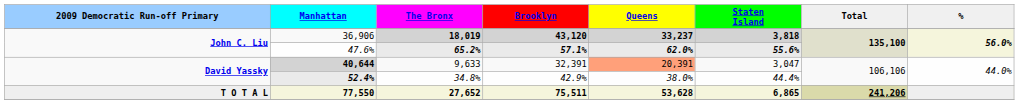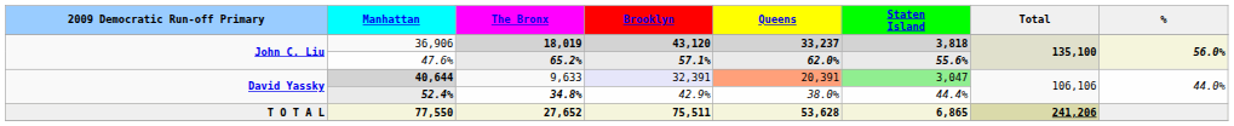 <table class="wikitable" style="text-align:right;" width="76%">
 <tr>
 <td align="center" width="20%" style="background:#99ccff;"><strong>2009 Democratic Run-off Primary</strong></td>
 <td align="center" width="8%" style="background:aqua;"><strong><a href='#'>Manhattan</a></strong></td>
 <td align="center" width="8%" style="background:magenta"><strong><a href='#'>The Bronx</a></strong></td>
 <td align="center" width="8%" style="background:red"><strong><a href='#'>Brooklyn</a></strong></td>
 <td align="center" width="8%" style="background:yellow"><strong><a href='#'>Queens</a></strong></td>
 <td align="center" width="8%" style="background:lime"><strong><a href='#'>Staten<br> Island</a></strong></td>
 <td align="center" width="8%" style="background:#f0f0f0;"><strong>Total</strong></td>
 <td align="center" width="8%" style="background:#f0f0f0;"><strong>%</strong></td>
 </tr>
 <tr>
 </tr>
 <tr>
 <td rowspan="2"><strong><a href='#'>John C. Liu</a></strong></td>
 <td>36,906</td>
 <td bgcolor="lightgray"><strong>18,019</strong></td>
 <td bgcolor="lightgray"><strong>43,120</strong></td>
 <td bgcolor="lightgray"><strong>33,237</strong></td>
 <td bgcolor="lightgray"><strong>3,818</strong></td>
 <td rowspan="2" bgcolor=e0e0cc><strong>135,100</strong></td>
 <td rowspan="2" bgcolor=beige><strong><em>56.0%</em></strong></td>
 </tr>
 <tr bgcolor=eaeaea>
 <td bgcolor=fefefe><em>47.6%</em></td>
 <td><strong><em>65.2%</em></strong></td>
 <td><strong><em>57.1%</em></strong></td>
 <td><strong><em>62.0%</em></strong></td>
 <td><strong><em>55.6%</em></strong></td>
 </tr>
 <tr>
 <td rowspan="2"><strong><a href='#'>David Yassky</a></strong></td>
 <td bgcolor="lightgray"><strong>40,644</strong></td>
 <td>9,633</td>
-<td>32,391</td>
+<td style="background: lavender;">32,391</td>
 <td style="background: lightsalmon;">20,391</td>
-<td>3,047</td>
+<td style="background: lightgreen;">3,047</td>
 <td rowspan="2">106,106</td>
 <td rowspan="2" bgcolor=fefefe><em>44.0%</em></td>
 </tr>
 <tr bgcolor=fefefe>
 <td bgcolor=eaeaea><strong><em>52.4%</em></strong></td>
-<td><em>34.8%</em></td>
+<td><strong><em>34.8%</em></strong></td>
 <td><em>42.9%</em></td>
 <td><em>38.0%</em></td>
 <td><em>44.4%</em></td>
 </tr>
 <tr bgcolor=beige>
 <td bgcolor=efefef><strong>T O T A L</strong></td>
 <td><strong>77,550</strong></td>
 <td><strong>27,652</strong></td>
 <td><strong>75,511</strong></td>
 <td><strong>53,628</strong></td>
 <td><strong>6,865</strong></td>
 <td bgcolor=dadaaa><strong><u>241,206</u></strong></td>
 <td bgcolor=efefef> </td>
 </tr>
 <tr>
 </tr>
 </table>
